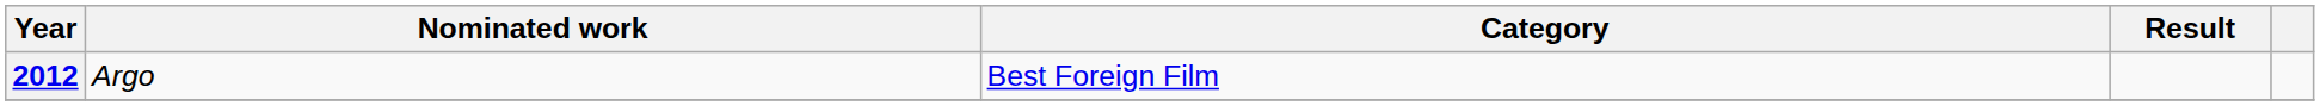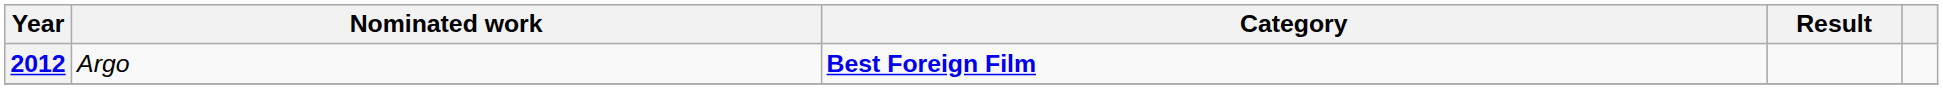 <table class=wikitable>
 <tr>
 <th scope="col" style="width:1em;">Year</th>
 <th scope="col" style="width:30em;">Nominated work</th>
 <th scope="col" style="width:38em;">Category</th>
 <th scope="col" style="width:5em;">Result</th>
 <th scope="col" style="width:1em;"></th>
 </tr>
 <tr>
 <th scope="row"><a href='#'>2012</a></th>
 <td><em>Argo</em></td>
-<td><a href='#'>Best Foreign Film</a></td>
+<td><strong><a href='#'>Best Foreign Film</a></strong></td>
 <td></td>
 <td style="text-align:center;"></td>
 </tr>
 <tr>
 </tr>
 </table>
